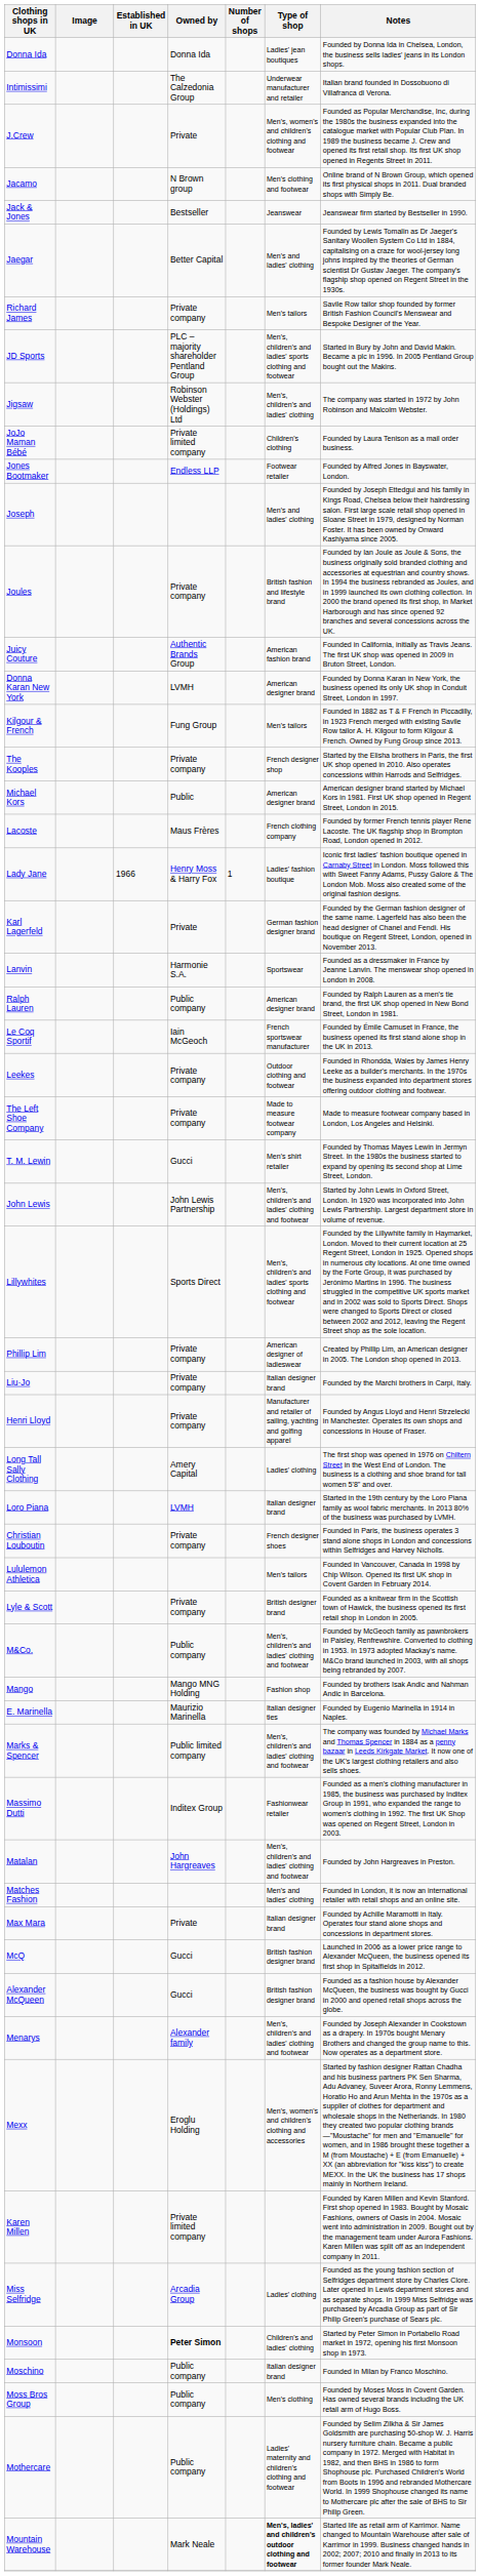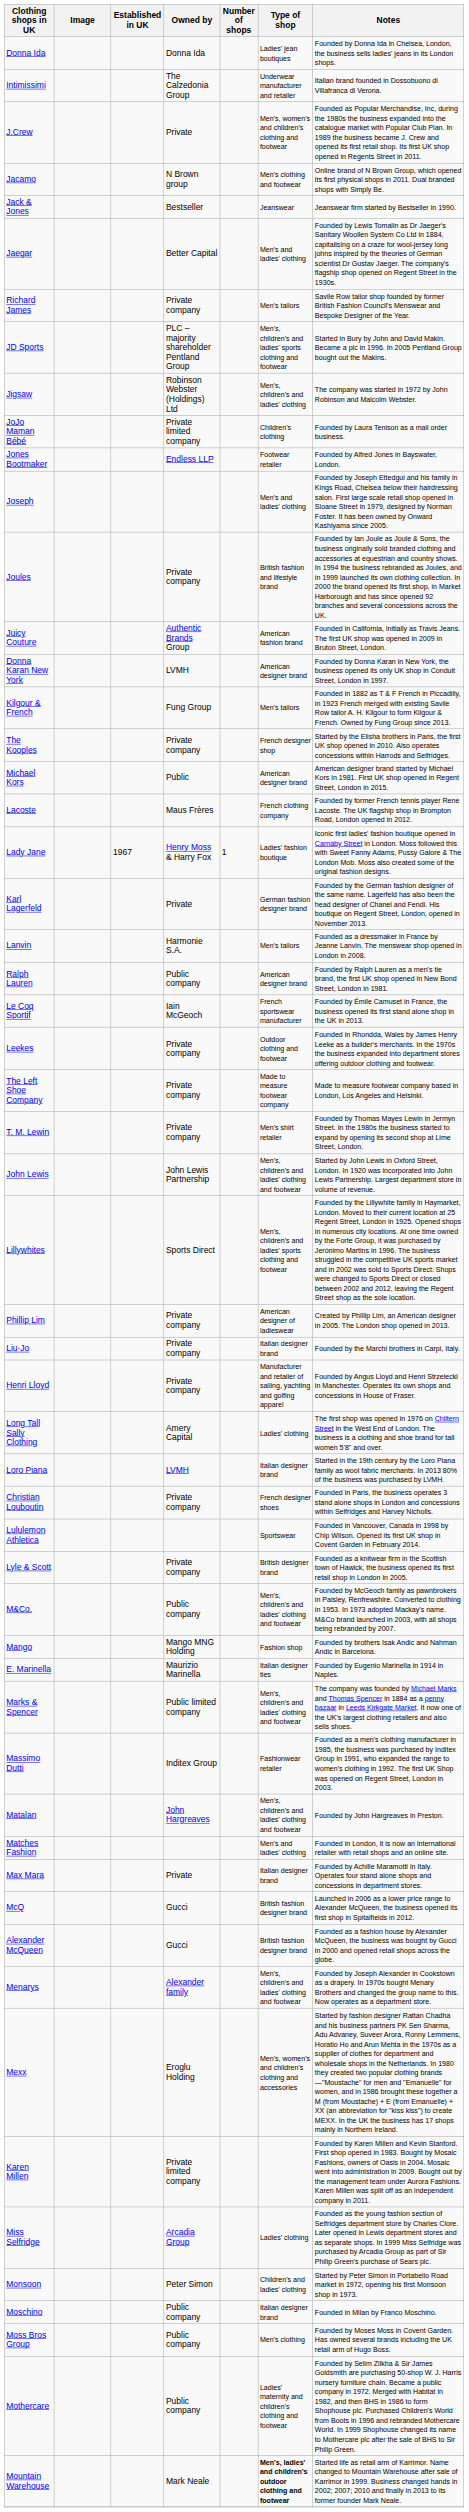 <table class="wikitable sortable">
 <tr>
 <th>Clothing shops in UK</th>
 <th style="width:100px;" class="unsortable">Image</th>
 <th data-sort-type="number">Established in UK</th>
 <th>Owned by</th>
 <th>Number of shops</th>
 <th>Type of shop</th>
 <th>Notes</th>
 </tr>
 <tr>
 <td><a href='#'>Donna Ida</a></td>
 <td></td>
 <td></td>
 <td>Donna Ida</td>
 <td></td>
 <td><small>Ladies' jean boutiques</small></td>
 <td><small>Founded by Donna Ida in Chelsea, London, the business sells ladies' jeans in its London shops.</small></td>
 </tr>
 <tr>
 <td><a href='#'>Intimissimi</a></td>
 <td></td>
 <td></td>
 <td>The Calzedonia Group</td>
 <td></td>
 <td><small>Underwear manufacturer and retailer</small></td>
 <td><small>Italian brand founded in Dossobuono di Villafranca di Verona.</small></td>
 </tr>
 <tr>
 <td><a href='#'>J.Crew</a></td>
 <td></td>
 <td></td>
 <td>Private</td>
 <td></td>
 <td><small>Men's, women's and children's clothing and footwear</small></td>
 <td><small>Founded as Popular Merchandise, Inc, during the 1980s the business expanded into the catalogue market with Popular Club Plan. In 1989 the business became J. Crew and opened its first retail shop. Its first UK shop opened in Regents Street in 2011.</small></td>
 </tr>
 <tr>
 <td><a href='#'>Jacamo</a></td>
 <td></td>
 <td></td>
 <td>N Brown group</td>
 <td></td>
 <td><small>Men's clothing and footwear</small></td>
 <td><small>Online brand of N Brown Group, which opened its first physical shops in 2011. Dual branded shops with Simply Be.</small></td>
 </tr>
 <tr>
 <td><a href='#'>Jack & Jones</a></td>
 <td></td>
 <td></td>
 <td>Bestseller</td>
 <td></td>
 <td><small>Jeanswear</small></td>
 <td><small>Jeanswear firm started by Bestseller in 1990.</small></td>
 </tr>
 <tr>
 <td><a href='#'>Jaegar</a></td>
 <td></td>
 <td></td>
 <td>Better Capital</td>
 <td></td>
 <td><small>Men's and ladies' clothing</small></td>
 <td><small>Founded by Lewis Tomalin as Dr Jaeger's Sanitary Woollen System Co Ltd in 1884, capitalising on a craze for wool-jersey long johns inspired by the theories of German scientist Dr Gustav Jaeger. The company's flagship shop opened on Regent Street in the 1930s.</small></td>
 </tr>
 <tr>
 <td><a href='#'>Richard James</a></td>
 <td></td>
 <td></td>
 <td>Private company</td>
 <td></td>
 <td><small>Men's tailors</small></td>
 <td><small>Savile Row tailor shop founded by former British Fashion Council's Menswear and Bespoke Designer of the Year.</small></td>
 </tr>
 <tr>
 <td><a href='#'>JD Sports</a></td>
 <td></td>
 <td></td>
 <td>PLC – majority shareholder Pentland Group</td>
 <td></td>
 <td><small>Men's, children's and ladies' sports clothing and footwear</small></td>
 <td><small>Started in Bury by John and David Makin. Became a plc in 1996. In 2005 Pentland Group bought out the Makins.</small></td>
 </tr>
 <tr>
 <td><a href='#'>Jigsaw</a></td>
 <td></td>
 <td></td>
 <td>Robinson Webster (Holdings) Ltd</td>
 <td></td>
 <td><small>Men's, children's and ladies' clothing</small></td>
 <td><small>The company was started in 1972 by John Robinson and Malcolm Webster.</small></td>
 </tr>
 <tr>
 <td><a href='#'>JoJo Maman Bébé</a></td>
 <td></td>
 <td></td>
 <td>Private limited company</td>
 <td></td>
 <td><small>Children's clothing</small></td>
 <td><small>Founded by Laura Tenison as a mail order business.</small></td>
 </tr>
 <tr>
 <td><a href='#'>Jones Bootmaker</a></td>
 <td></td>
 <td></td>
 <td><a href='#'>Endless LLP</a></td>
 <td></td>
 <td><small>Footwear retailer</small></td>
 <td><small>Founded by Alfred Jones in Bayswater, London.</small></td>
 </tr>
 <tr>
 <td><a href='#'>Joseph</a></td>
 <td></td>
 <td></td>
 <td></td>
 <td></td>
 <td><small>Men's and ladies' clothing</small></td>
 <td><small>Founded by Joseph Ettedgui and his family in Kings Road, Chelsea below their hairdressing salon. First large scale retail shop opened in Sloane Street in 1979, designed by Norman Foster. It has been owned by Onward Kashiyama since 2005.</small></td>
 </tr>
 <tr>
 <td><a href='#'>Joules</a></td>
 <td></td>
 <td></td>
 <td>Private company</td>
 <td></td>
 <td><small>British fashion and lifestyle brand</small></td>
 <td><small>Founded by Ian Joule as Joule & Sons, the business originally sold branded clothing and accessories at equestrian and country shows. In 1994 the business rebranded as Joules, and in 1999 launched its own clothing collection. In 2000 the brand opened its first shop, in Market Harborough and has since opened 92 branches and several concessions across the UK.</small></td>
 </tr>
 <tr>
 <td><a href='#'>Juicy Couture</a></td>
 <td></td>
 <td></td>
 <td><a href='#'>Authentic Brands</a> Group</td>
 <td></td>
 <td><small>American fashion brand</small></td>
 <td><small>Founded in California, initially as Travis Jeans. The first UK shop was opened in 2009 in Bruton Street, London.</small></td>
 </tr>
 <tr>
 <td><a href='#'>Donna Karan New York</a></td>
 <td></td>
 <td></td>
 <td>LVMH</td>
 <td></td>
 <td><small>American designer brand</small></td>
 <td><small>Founded by Donna Karan in New York, the business opened its only UK shop in Conduit Street, London in 1997.</small></td>
 </tr>
 <tr>
 <td><a href='#'>Kilgour & French</a></td>
 <td></td>
 <td></td>
 <td>Fung Group</td>
 <td></td>
 <td><small>Men's tailors</small></td>
 <td><small>Founded in 1882 as T & F French in Piccadilly, in 1923 French merged with existing Savile Row tailor A. H. Kilgour to form Kilgour & French. Owned by Fung Group since 2013.</small></td>
 </tr>
 <tr>
 <td><a href='#'>The Kooples</a></td>
 <td></td>
 <td></td>
 <td>Private company</td>
 <td></td>
 <td><small>French designer shop</small></td>
 <td><small>Started by the Elisha brothers in Paris, the first UK shop opened in 2010. Also operates concessions within Harrods and Selfridges.</small></td>
 </tr>
 <tr>
 <td><a href='#'>Michael Kors</a></td>
 <td></td>
 <td></td>
 <td>Public</td>
 <td></td>
 <td><small>American designer brand</small></td>
 <td><small>American designer brand started by Michael Kors in 1981. First UK shop opened in Regent Street, London in 2015.</small></td>
 </tr>
 <tr>
 <td><a href='#'>Lacoste</a></td>
 <td></td>
 <td></td>
 <td>Maus Frères</td>
 <td></td>
 <td><small>French clothing company</small></td>
 <td><small>Founded by former French tennis player Rene Lacoste. The UK flagship shop in Brompton Road, London opened in 2012.</small></td>
 </tr>
 <tr>
 <td><a href='#'>Lady Jane</a></td>
 <td></td>
-<td>1966</td>
+<td>1967</td>
 <td><a href='#'>Henry Moss</a> & Harry Fox</td>
 <td>1</td>
 <td><small>Ladies' fashion boutique</small></td>
 <td><small>Iconic first ladies' fashion boutique opened in <a href='#'>Carnaby Street</a> in London. Moss followed this with Sweet Fanny Adams, Pussy Galore & The London Mob. Moss also created some of the original fashion designs.</small></td>
 </tr>
 <tr>
 <td><a href='#'>Karl Lagerfeld</a></td>
 <td></td>
 <td></td>
 <td>Private</td>
 <td></td>
 <td><small>German fashion designer brand</small></td>
 <td><small>Founded by the German fashion designer of the same name. Lagerfeld has also been the head designer of Chanel and Fendi. His boutique on Regent Street, London, opened in November 2013.</small></td>
 </tr>
 <tr>
 <td><a href='#'>Lanvin</a></td>
 <td></td>
 <td></td>
 <td>Harmonie S.A.</td>
 <td></td>
-<td><small>Sportswear</small></td>
+<td><small>Men's tailors</small></td>
 <td><small>Founded as a dressmaker in France by Jeanne Lanvin. The menswear shop opened in London in 2008.</small></td>
 </tr>
 <tr>
 <td><a href='#'>Ralph Lauren</a></td>
 <td></td>
 <td></td>
 <td>Public company</td>
 <td></td>
 <td><small>American designer brand</small></td>
 <td><small>Founded by Ralph Lauren as a men's tie brand, the first UK shop opened in New Bond Street, London in 1981.</small></td>
 </tr>
 <tr>
 <td><a href='#'>Le Coq Sportif</a></td>
 <td></td>
 <td></td>
 <td>Iain McGeoch</td>
 <td></td>
 <td><small>French sportswear manufacturer</small></td>
 <td><small>Founded by Émile Camuset in France, the business opened its first stand alone shop in the UK in 2013.</small></td>
 </tr>
 <tr>
 <td><a href='#'>Leekes</a></td>
 <td></td>
 <td></td>
 <td>Private company</td>
 <td></td>
 <td><small>Outdoor clothing and footwear</small></td>
 <td><small>Founded in Rhondda, Wales by James Henry Leeke as a builder's merchants. In the 1970s the business expanded into department stores offering outdoor clothing and footwear.</small></td>
 </tr>
 <tr>
 <td><a href='#'>The Left Shoe Company</a></td>
 <td></td>
 <td></td>
 <td>Private company</td>
 <td></td>
 <td><small>Made to measure footwear company</small></td>
 <td><small>Made to measure footwear company based in London, Los Angeles and Helsinki.</small></td>
 </tr>
 <tr>
 <td><a href='#'>T. M. Lewin</a></td>
 <td></td>
 <td></td>
-<td>Gucci</td>
+<td>Private company</td>
 <td></td>
 <td><small>Men's shirt retailer</small></td>
 <td><small>Founded by Thomas Mayes Lewin in Jermyn Street. In the 1980s the business started to expand by opening its second shop at Lime Street, London.</small></td>
 </tr>
 <tr>
 <td><a href='#'>John Lewis</a></td>
 <td></td>
 <td></td>
 <td>John Lewis Partnership</td>
 <td></td>
 <td><small>Men's, children's and ladies' clothing and footwear</small></td>
 <td><small>Started by John Lewis in Oxford Street, London. In 1920 was incorporated into John Lewis Partnership. Largest department store in volume of revenue.</small></td>
 </tr>
 <tr>
 <td><a href='#'>Lillywhites</a></td>
 <td></td>
 <td></td>
 <td>Sports Direct</td>
 <td></td>
 <td><small>Men's, children's and ladies' sports clothing and footwear</small></td>
 <td><small>Founded by the Lillywhite family in Haymarket, London. Moved to their current location at 25 Regent Street, London in 1925. Opened shops in numerous city locations. At one time owned by the Forte Group, it was purchased by Jerónimo Martins in 1996. The business struggled in the competitive UK sports market and in 2002 was sold to Sports Direct. Shops were changed to Sports Direct or closed between 2002 and 2012, leaving the Regent Street shop as the sole location.</small></td>
 </tr>
 <tr>
 <td><a href='#'>Phillip Lim</a></td>
 <td></td>
 <td></td>
 <td>Private company</td>
 <td></td>
 <td><small>American designer of ladieswear</small></td>
 <td><small>Created by Phillip Lim, an American designer in 2005. The London shop opened in 2013.</small></td>
 </tr>
 <tr>
 <td><a href='#'>Liu·Jo</a></td>
 <td></td>
 <td></td>
 <td>Private company</td>
 <td></td>
 <td><small>Italian designer brand</small></td>
 <td><small>Founded by the Marchi brothers in Carpi, Italy.</small></td>
 </tr>
 <tr>
 <td><a href='#'>Henri Lloyd</a></td>
 <td></td>
 <td></td>
 <td>Private company</td>
 <td></td>
 <td><small>Manufacturer and retailer of sailing, yachting and golfing apparel</small></td>
 <td><small>Founded by Angus Lloyd and Henri Strzelecki in Manchester. Operates its own shops and concessions in House of Fraser.</small></td>
 </tr>
 <tr>
 <td><a href='#'>Long Tall Sally Clothing</a></td>
 <td></td>
 <td></td>
 <td>Amery Capital</td>
 <td></td>
 <td><small>Ladies' clothing</small></td>
 <td><small>The first shop was opened in 1976 on <a href='#'>Chiltern Street</a> in the West End of London. The business is a clothing and shoe brand for tall women 5'8" and over.</small></td>
 </tr>
 <tr>
 <td><a href='#'>Loro Piana</a></td>
 <td></td>
 <td></td>
 <td><a href='#'>LVMH</a></td>
 <td></td>
 <td><small>Italian designer brand</small></td>
 <td><small>Started in the 19th century by the Loro Piana family as wool fabric merchants. In 2013 80% of the business was purchased by LVMH.</small></td>
 </tr>
 <tr>
 <td><a href='#'>Christian Louboutin</a></td>
 <td></td>
 <td></td>
 <td>Private company</td>
 <td></td>
 <td><small>French designer shoes</small></td>
 <td><small>Founded in Paris, the business operates 3 stand alone shops in London and concessions within Selfridges and Harvey Nicholls.</small></td>
 </tr>
 <tr>
 <td><a href='#'>Lululemon Athletica</a></td>
 <td></td>
 <td></td>
 <td></td>
 <td></td>
-<td><small>Men's tailors</small></td>
+<td><small>Sportswear</small></td>
 <td><small>Founded in Vancouver, Canada in 1998 by Chip Wilson. Opened its first UK shop in Covent Garden in February 2014.</small></td>
 </tr>
 <tr>
 <td><a href='#'>Lyle & Scott</a></td>
 <td></td>
 <td></td>
 <td>Private company</td>
 <td></td>
 <td><small>British designer brand</small></td>
 <td><small>Founded as a knitwear firm in the Scottish town of Hawick, the business opened its first retail shop in London in 2005.</small></td>
 </tr>
 <tr>
 <td><a href='#'>M&Co.</a></td>
 <td></td>
 <td></td>
 <td>Public company</td>
 <td></td>
 <td><small>Men's, children's and ladies' clothing and footwear</small></td>
 <td><small>Founded by McGeoch family as pawnbrokers in Paisley, Renfrewshire. Converted to clothing in 1953. In 1973 adopted Mackay's name. M&Co brand launched in 2003, with all shops being rebranded by 2007.</small></td>
 </tr>
 <tr>
 <td><a href='#'>Mango</a></td>
 <td></td>
 <td></td>
 <td>Mango MNG Holding</td>
 <td></td>
 <td><small>Fashion shop</small></td>
 <td><small>Founded by brothers Isak Andic and Nahman Andic in Barcelona.</small></td>
 </tr>
 <tr>
 <td><a href='#'>E. Marinella</a></td>
 <td></td>
 <td></td>
 <td>Maurizio Marinella</td>
 <td></td>
 <td><small>Italian designer ties</small></td>
 <td><small>Founded by Eugenio Marinella in 1914 in Naples.</small></td>
 </tr>
 <tr>
 <td><a href='#'>Marks & Spencer</a></td>
 <td></td>
 <td></td>
 <td>Public limited company</td>
 <td></td>
 <td><small>Men's, children's and ladies' clothing and footwear</small></td>
 <td><small>The company was founded by <a href='#'>Michael Marks</a> and <a href='#'>Thomas Spencer</a> in 1884 as a <a href='#'>penny bazaar</a> in <a href='#'>Leeds Kirkgate Market</a>. It now one of the UK's largest clothing retailers and also sells shoes.</small></td>
 </tr>
 <tr>
 <td><a href='#'>Massimo Dutti</a></td>
 <td></td>
 <td></td>
 <td>Inditex Group</td>
 <td></td>
 <td><small>Fashionwear retailer</small></td>
 <td><small>Founded as a men's clothing manufacturer in 1985, the business was purchased by Inditex Group in 1991, who expanded the range to women's clothing in 1992. The first UK Shop was opened on Regent Street, London in 2003.</small></td>
 </tr>
 <tr>
 <td><a href='#'>Matalan</a></td>
 <td></td>
 <td></td>
 <td><a href='#'>John Hargreaves</a></td>
 <td></td>
 <td><small>Men's, children's and ladies' clothing and footwear</small></td>
 <td><small>Founded by John Hargreaves in Preston.</small></td>
 </tr>
 <tr>
 <td><a href='#'>Matches Fashion</a></td>
 <td></td>
 <td></td>
 <td></td>
 <td></td>
 <td><small>Men's and ladies' clothing</small></td>
 <td><small>Founded in London, it is now an international retailer with retail shops and an online site.</small></td>
 </tr>
 <tr>
 <td><a href='#'>Max Mara</a></td>
 <td></td>
 <td></td>
 <td>Private</td>
 <td></td>
 <td><small>Italian designer brand</small></td>
 <td><small>Founded by Achille Maramotti in Italy. Operates four stand alone shops and concessions in department stores.</small></td>
 </tr>
 <tr>
 <td><a href='#'>McQ</a></td>
 <td></td>
 <td></td>
 <td>Gucci</td>
 <td></td>
 <td><small>British fashion designer brand</small></td>
 <td><small>Launched in 2006 as a lower price range to Alexander McQueen, the business opened its first shop in Spitalfields in 2012.</small></td>
 </tr>
 <tr>
 <td><a href='#'>Alexander McQueen</a></td>
 <td></td>
 <td></td>
 <td>Gucci</td>
 <td></td>
 <td><small>British fashion designer brand</small></td>
 <td><small>Founded as a fashion house by Alexander McQueen, the business was bought by Gucci in 2000 and opened retail shops across the globe.</small></td>
 </tr>
 <tr>
 <td><a href='#'>Menarys</a></td>
 <td></td>
 <td></td>
 <td><a href='#'>Alexander family</a></td>
 <td></td>
 <td><small>Men's, children's and ladies' clothing and footwear</small></td>
 <td><small>Founded by Joseph Alexander in Cookstown as a drapery. In 1970s bought Menary Brothers and changed the group name to this. Now operates as a department store.</small></td>
 </tr>
 <tr>
 <td><a href='#'>Mexx</a></td>
 <td></td>
 <td></td>
 <td>Eroglu Holding</td>
 <td></td>
 <td><small>Men's, women's and children's clothing and accessories</small></td>
 <td><small>Started by fashion designer Rattan Chadha and his business partners PK Sen Sharma, Adu Advaney, Suveer Arora, Ronny Lemmens, Horatio Ho and Arun Mehta in the 1970s as a supplier of clothes for department and wholesale shops in the Netherlands. In 1980 they created two popular clothing brands—"Moustache" for men and "Emanuelle" for women, and in 1986 brought these together a M (from Moustache) + E (from Emanuelle) + XX (an abbreviation for "kiss kiss") to create MEXX. In the UK the business has 17 shops mainly in Northern Ireland.</small></td>
 </tr>
 <tr>
 <td><a href='#'>Karen Millen</a></td>
 <td></td>
 <td></td>
 <td>Private limited company</td>
 <td></td>
 <td></td>
 <td><small>Founded by Karen Millen and Kevin Stanford. First shop opened in 1983. Bought by Mosaic Fashions, owners of Oasis in 2004. Mosaic went into administration in 2009. Bought out by the management team under Aurora Fashions. Karen Millen was split off as an independent company in 2011.</small></td>
 </tr>
 <tr>
 <td><a href='#'>Miss Selfridge</a></td>
 <td></td>
 <td></td>
 <td><a href='#'>Arcadia Group</a></td>
 <td></td>
 <td><small>Ladies' clothing</small></td>
 <td><small>Founded as the young fashion section of Selfridges department store by Charles Clore. Later opened in Lewis department stores and as separate shops. In 1999 Miss Selfridge was purchased by Arcadia Group as part of Sir Philip Green's purchase of Sears plc.</small></td>
 </tr>
 <tr>
 <td><a href='#'>Monsoon</a></td>
 <td></td>
 <td></td>
-<td><strong>Peter Simon</strong></td>
+<td>Peter Simon</td>
 <td></td>
 <td><small>Children's and ladies' clothing </small></td>
 <td><small>Started by Peter Simon in Portabello Road market in 1972, opening his first Monsoon shop in 1973.</small></td>
 </tr>
 <tr>
 <td><a href='#'>Moschino</a></td>
 <td></td>
 <td></td>
 <td>Public company</td>
 <td></td>
 <td><small>Italian designer brand</small></td>
 <td><small>Founded in Milan by Franco Moschino.</small></td>
 </tr>
 <tr>
 <td><a href='#'>Moss Bros Group</a></td>
 <td></td>
 <td></td>
 <td>Public company</td>
 <td></td>
 <td><small>Men's clothing</small></td>
 <td><small>Founded by Moses Moss in Covent Garden. Has owned several brands including the UK retail arm of Hugo Boss.</small></td>
 </tr>
 <tr>
 <td><a href='#'>Mothercare</a></td>
 <td></td>
 <td></td>
 <td>Public company</td>
 <td></td>
 <td><small>Ladies' maternity and children's clothing and footwear</small></td>
 <td><small>Founded by Selim Zilkha & Sir James Goldsmith are purchasing 50-shop W. J. Harris nursery furniture chain. Became a public company in 1972. Merged with Habitat in 1982, and then BHS in 1986 to form Shophouse plc. Purchased Children's World from Boots in 1996 and rebranded Mothercare World. In 1999 Shophouse changed its name to Mothercare plc after the sale of BHS to Sir Philip Green.</small></td>
 </tr>
 <tr>
 <td><a href='#'>Mountain Warehouse</a></td>
 <td></td>
 <td></td>
 <td>Mark Neale</td>
 <td></td>
 <td><strong><small>Men's, ladies' and children's outdoor clothing and footwear</small></strong></td>
 <td><small>Started life as retail arm of Karrimor. Name changed to Mountain Warehouse after sale of Karrimor in 1999. Business changed hands in 2002; 2007; 2010 and finally in 2013 to its former founder Mark Neale.</small></td>
 </tr>
 <tr>
 </tr>
 </table>
